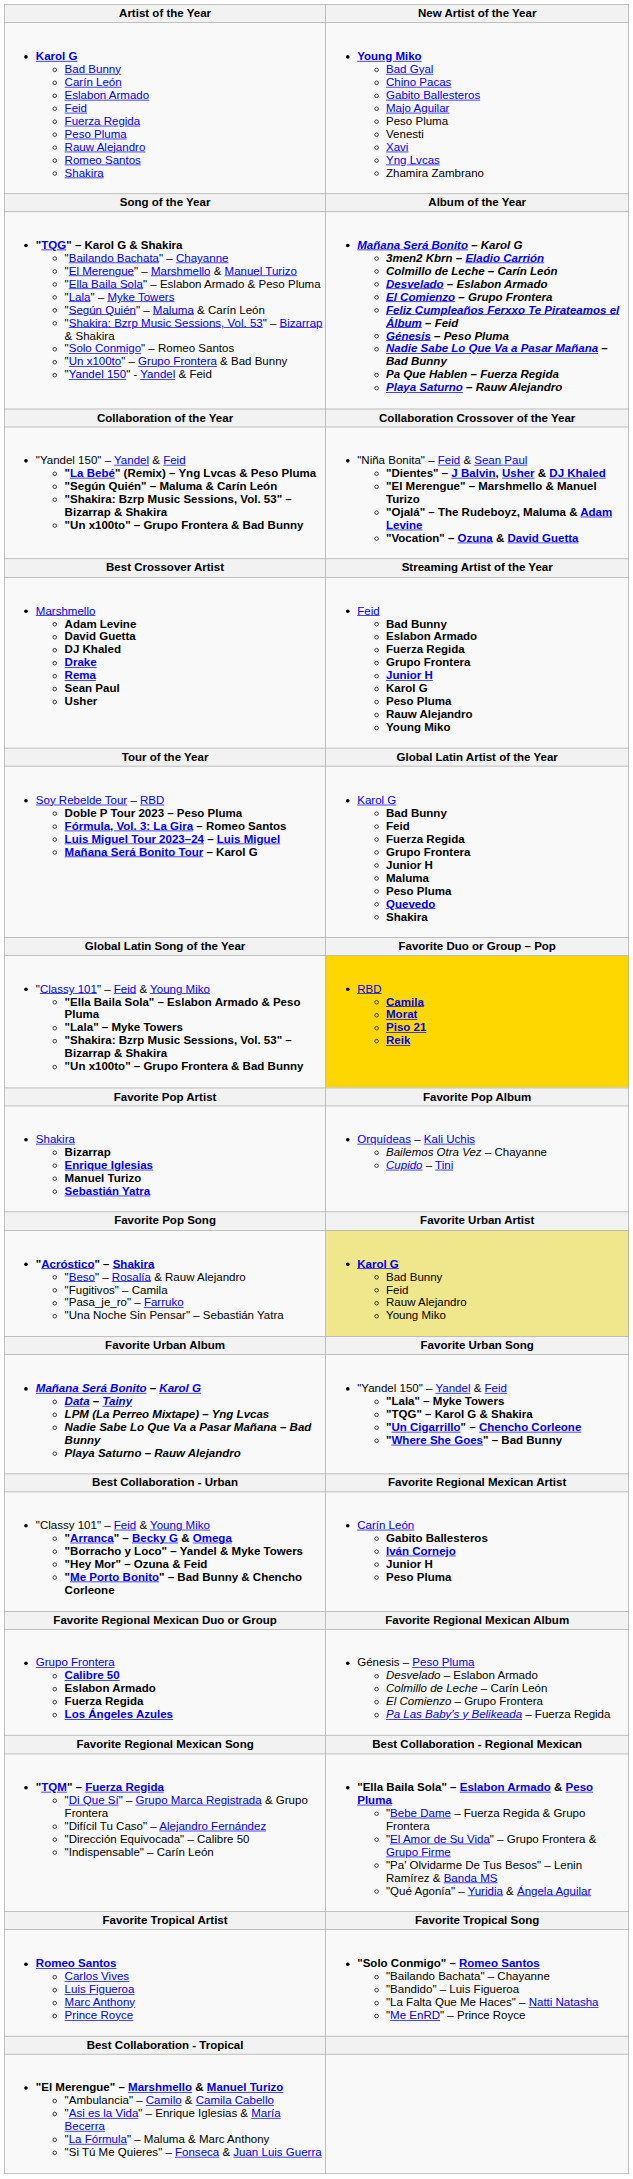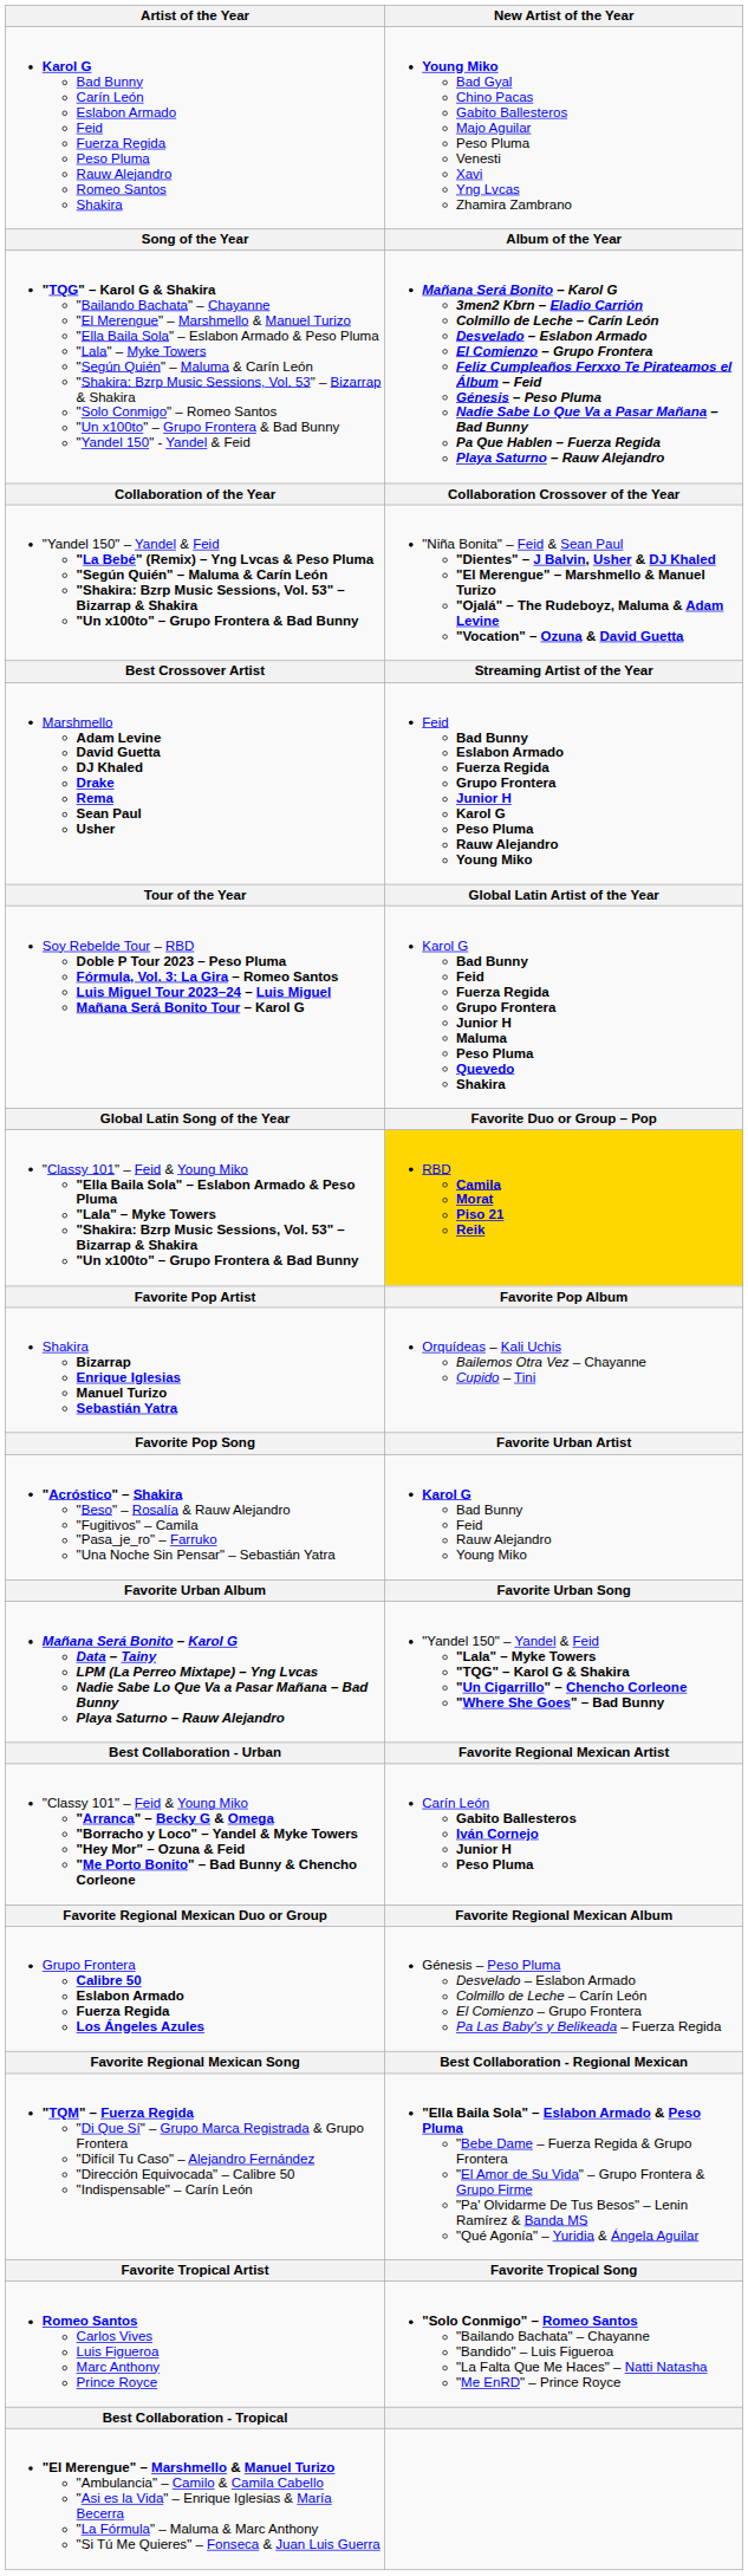 <table class="wikitable" style="width=">
 <tr>
 <th style="width=">Artist of the Year</th>
 <th style="width=">New Artist of the Year</th>
 </tr>
 <tr>
 <td valign="top"><br><ul><li><strong><a href='#'>Karol G</a></strong><ul><li><a href='#'>Bad Bunny</a></li><li><a href='#'>Carín León</a></li><li><a href='#'>Eslabon Armado</a></li><li><a href='#'>Feid</a></li><li><a href='#'>Fuerza Regida</a></li><li><a href='#'>Peso Pluma</a></li><li><a href='#'>Rauw Alejandro</a></li><li><a href='#'>Romeo Santos</a></li><li><a href='#'>Shakira</a></li></ul></li></ul></td>
 <td valign="top"><br><ul><li><strong><a href='#'>Young Miko</a></strong><ul><li><a href='#'>Bad Gyal</a></li><li><a href='#'>Chino Pacas</a></li><li><a href='#'>Gabito Ballesteros</a></li><li><a href='#'>Majo Aguilar</a></li><li>Peso Pluma</li><li>Venesti</li><li><a href='#'>Xavi</a></li><li><a href='#'>Yng Lvcas</a></li><li>Zhamira Zambrano</li></ul></li></ul></td>
 </tr>
 <tr>
 <th style="width=">Song of the Year</th>
 <th style="width=">Album of the Year</th>
 </tr>
 <tr>
 <td valign="top"><br><ul><li><strong>"<a href='#'>TQG</a>" – Karol G & Shakira</strong><ul><li>"<a href='#'>Bailando Bachata</a>" – <a href='#'>Chayanne</a></li><li>"<a href='#'>El Merengue</a>" – <a href='#'>Marshmello</a> & <a href='#'>Manuel Turizo</a></li><li>"<a href='#'>Ella Baila Sola</a>" – Eslabon Armado & Peso Pluma</li><li>"<a href='#'>Lala</a>" – <a href='#'>Myke Towers</a></li><li>"<a href='#'>Según Quién</a>" – <a href='#'>Maluma</a> & Carín León</li><li>"<a href='#'>Shakira: Bzrp Music Sessions, Vol. 53</a>" – <a href='#'>Bizarrap</a> & Shakira</li><li>"<a href='#'>Solo Conmigo</a>" – Romeo Santos</li><li>"<a href='#'>Un x100to</a>" – <a href='#'>Grupo Frontera</a> & Bad Bunny</li><li>"<a href='#'>Yandel 150</a>" - <a href='#'>Yandel</a> & Feid</li></ul></li></ul></td>
 <td valign="top"><br><ul><li><strong><em><a href='#'>Mañana Será Bonito</a><em> – Karol G<strong><ul><li></em>3men2 Kbrn<em> – <a href='#'>Eladio Carrión</a></li><li></em>Colmillo de Leche<em> – Carín León</li><li></em><a href='#'>Desvelado</a><em> – Eslabon Armado</li><li></em><a href='#'>El Comienzo</a><em> – Grupo Frontera</li><li></em><a href='#'>Feliz Cumpleaños Ferxxo Te Pirateamos el Álbum</a><em> – Feid</li><li></em><a href='#'>Génesis</a><em> – Peso Pluma</li><li></em><a href='#'>Nadie Sabe Lo Que Va a Pasar Mañana</a><em> – Bad Bunny</li><li></em>Pa Que Hablen<em> – Fuerza Regida</li><li></em><a href='#'>Playa Saturno</a><em> – Rauw Alejandro</li></ul></li></ul></td>
 </tr>
 <tr>
 <th style="width=">Collaboration of the Year</th>
 <th style="width=">Collaboration Crossover of the Year</th>
 </tr>
 <tr>
 <td valign="top"><br><ul><li></strong>"Yandel 150" – <a href='#'>Yandel</a> & <a href='#'>Feid</a><strong><ul><li>"<a href='#'>La Bebé</a>" (Remix) – Yng Lvcas & Peso Pluma</li><li>"Según Quién" – Maluma & Carín León</li><li>"Shakira: Bzrp Music Sessions, Vol. 53" – Bizarrap & Shakira</li><li>"Un x100to" – Grupo Frontera & Bad Bunny</li></ul></li></ul></td>
 <td valign="top"><br><ul><li></strong>"Niña Bonita" – <a href='#'>Feid</a> & <a href='#'>Sean Paul</a><strong><ul><li>"Dientes" – <a href='#'>J Balvin</a>, <a href='#'>Usher</a> & <a href='#'>DJ Khaled</a></li><li>"El Merengue" – Marshmello & Manuel Turizo</li><li>"Ojalá" – The Rudeboyz, Maluma & <a href='#'>Adam Levine</a></li><li>"Vocation" – <a href='#'>Ozuna</a> & <a href='#'>David Guetta</a></li></ul></li></ul></td>
 </tr>
 <tr>
 <th style="width=">Best Crossover Artist</th>
 <th style="width=">Streaming Artist of the Year</th>
 </tr>
 <tr>
 <td valign="top"><br><ul><li></strong><a href='#'>Marshmello</a><strong><ul><li>Adam Levine</li><li>David Guetta</li><li>DJ Khaled</li><li><a href='#'>Drake</a></li><li><a href='#'>Rema</a></li><li>Sean Paul</li><li>Usher</li></ul></li></ul></td>
 <td valign="top"><br><ul><li></strong><a href='#'>Feid</a><strong><ul><li>Bad Bunny</li><li>Eslabon Armado</li><li>Fuerza Regida</li><li>Grupo Frontera</li><li><a href='#'>Junior H</a></li><li>Karol G</li><li>Peso Pluma</li><li>Rauw Alejandro</li><li>Young Miko</li></ul></li></ul></td>
 </tr>
 <tr>
 <th style="width=">Tour of the Year</th>
 <th style="width=">Global Latin Artist of the Year</th>
 </tr>
 <tr>
 <td valign="top"><br><ul><li></strong><a href='#'>Soy Rebelde Tour</a> – <a href='#'>RBD</a><strong><ul><li>Doble P Tour 2023 – Peso Pluma</li><li><a href='#'>Fórmula, Vol. 3: La Gira</a> – Romeo Santos</li><li><a href='#'>Luis Miguel Tour 2023–24</a> – <a href='#'>Luis Miguel</a></li><li><a href='#'>Mañana Será Bonito Tour</a> – Karol G</li></ul></li></ul></td>
 <td valign="top"><br><ul><li></strong><a href='#'>Karol G</a><strong><ul><li>Bad Bunny</li><li>Feid</li><li>Fuerza Regida</li><li>Grupo Frontera</li><li>Junior H</li><li>Maluma</li><li>Peso Pluma</li><li><a href='#'>Quevedo</a></li><li>Shakira</li></ul></li></ul></td>
 </tr>
 <tr>
 <th style="width=">Global Latin Song of the Year</th>
 <th style="width=">Favorite Duo or Group – Pop</th>
 </tr>
 <tr>
 <td valign="top"><br><ul><li></strong>"<a href='#'>Classy 101</a>" – <a href='#'>Feid</a> & <a href='#'>Young Miko</a><strong><ul><li>"Ella Baila Sola" – Eslabon Armado & Peso Pluma</li><li>"Lala" – Myke Towers</li><li>"Shakira: Bzrp Music Sessions, Vol. 53" – Bizarrap & Shakira</li><li>"Un x100to" – Grupo Frontera & Bad Bunny</li></ul></li></ul></td>
 <td valign="top" style="background: gold;"><br><ul><li></strong><a href='#'>RBD</a><strong><ul><li><a href='#'>Camila</a></li><li><a href='#'>Morat</a></li><li><a href='#'>Piso 21</a></li><li><a href='#'>Reik</a></li></ul></li></ul></td>
 </tr>
 <tr>
 <th style="width=">Favorite Pop Artist</th>
 <th style="width=">Favorite Pop Album</th>
 </tr>
 <tr>
 <td valign="top"><br><ul><li></strong><a href='#'>Shakira</a><strong><ul><li>Bizarrap</li><li><a href='#'>Enrique Iglesias</a></li><li>Manuel Turizo</li><li><a href='#'>Sebastián Yatra</a></li></ul></li></ul></td>
 <td valign="top"><br><ul><li></em></strong><a href='#'>Orquídeas</a></em> – <a href='#'>Kali Uchis</a></strong><ul><li><em>Bailemos Otra Vez</em> – Chayanne</li><li><a href='#'><em>Cupido</em></a> – <a href='#'>Tini</a></li></ul></li></ul></td>
 </tr>
 <tr>
 <th style="width=">Favorite Pop Song</th>
 <th style="width=">Favorite Urban Artist</th>
 </tr>
 <tr>
 <td valign="top"><br><ul><li><strong>"<a href='#'>Acróstico</a>" – <a href='#'>Shakira</a></strong><ul><li>"<a href='#'>Beso</a>" – <a href='#'>Rosalía</a> & Rauw Alejandro</li><li>"Fugitivos" – Camila</li><li>"Pasa_je_ro" – <a href='#'>Farruko</a></li><li>"Una Noche Sin Pensar" – Sebastián Yatra</li></ul></li></ul></td>
-<td valign="top" style="background: khaki;"><br><ul><li><strong><a href='#'>Karol G</a></strong><ul><li>Bad Bunny</li><li>Feid</li><li>Rauw Alejandro</li><li>Young Miko</li></ul></li></ul></td>
+<td valign="top"><br><ul><li><strong><a href='#'>Karol G</a></strong><ul><li>Bad Bunny</li><li>Feid</li><li>Rauw Alejandro</li><li>Young Miko</li></ul></li></ul></td>
 </tr>
 <tr>
 <th style="width=">Favorite Urban Album</th>
 <th style="width=">Favorite Urban Song</th>
 </tr>
 <tr>
 <td valign="top"><br><ul><li><strong><em><a href='#'>Mañana Será Bonito</a><em> – <a href='#'>Karol G</a><strong><ul><li></em><a href='#'>Data</a><em> – <a href='#'>Tainy</a></li><li></em>LPM (La Perreo Mixtape)<em> – Yng Lvcas</li><li></em>Nadie Sabe Lo Que Va a Pasar Mañana<em> – Bad Bunny</li><li></em>Playa Saturno<em> – Rauw Alejandro</li></ul></li></ul></td>
 <td valign="top"><br><ul><li></strong>"Yandel 150" – <a href='#'>Yandel</a> & <a href='#'>Feid</a><strong><ul><li>"Lala" – Myke Towers</li><li>"TQG" – Karol G & Shakira</li><li>"<a href='#'>Un Cigarrillo</a>" – <a href='#'>Chencho Corleone</a></li><li>"<a href='#'>Where She Goes</a>" – Bad Bunny</li></ul></li></ul></td>
 </tr>
 <tr>
 <th style="width=">Best Collaboration - Urban</th>
 <th style="width=">Favorite Regional Mexican Artist</th>
 </tr>
 <tr>
 <td valign="top"><br><ul><li></strong>"Classy 101" – <a href='#'>Feid</a> & <a href='#'>Young Miko</a><strong><ul><li>"<a href='#'>Arranca</a>" – <a href='#'>Becky G</a> & <a href='#'>Omega</a></li><li>"Borracho y Loco" – Yandel & Myke Towers</li><li>"Hey Mor" – Ozuna & Feid</li><li>"<a href='#'>Me Porto Bonito</a>" – Bad Bunny & Chencho Corleone</li></ul></li></ul></td>
 <td valign="top"><br><ul><li></strong><a href='#'>Carín León</a><strong><ul><li>Gabito Ballesteros</li><li><a href='#'>Iván Cornejo</a></li><li>Junior H</li><li>Peso Pluma</li></ul></li></ul></td>
 </tr>
 <tr>
 <th style="width=">Favorite Regional Mexican Duo or Group</th>
 <th style="width=">Favorite Regional Mexican Album</th>
 </tr>
 <tr>
 <td valign="top"><br><ul><li></strong><a href='#'>Grupo Frontera</a><strong><ul><li><a href='#'>Calibre 50</a></li><li>Eslabon Armado</li><li>Fuerza Regida</li><li><a href='#'>Los Ángeles Azules</a></li></ul></li></ul></td>
 <td valign="top"><br><ul><li></em></strong>Génesis</em> – <a href='#'>Peso Pluma</a></strong><ul><li><em>Desvelado</em> – Eslabon Armado</li><li><em>Colmillo de Leche</em> – Carín León</li><li><em>El Comienzo</em> – Grupo Frontera</li><li><em><a href='#'>Pa Las Baby's y Belikeada</a></em> – Fuerza Regida</li></ul></li></ul></td>
 </tr>
 <tr>
 <th style="width=">Favorite Regional Mexican Song</th>
 <th style="width=">Best Collaboration - Regional Mexican</th>
 </tr>
 <tr>
 <td valign="top"><br><ul><li><strong>"<a href='#'>TQM</a>" – <a href='#'>Fuerza Regida</a></strong><ul><li>"<a href='#'>Di Que Sí</a>" – <a href='#'>Grupo Marca Registrada</a> & Grupo Frontera</li><li>"Difícil Tu Caso" – <a href='#'>Alejandro Fernández</a></li><li>"Dirección Equivocada" – Calibre 50</li><li>"Indispensable" – Carín León</li></ul></li></ul></td>
 <td valign="top"><br><ul><li><strong>"Ella Baila Sola" – <a href='#'>Eslabon Armado</a> & <a href='#'>Peso Pluma</a></strong><ul><li>"<a href='#'>Bebe Dame</a> – Fuerza Regida & Grupo Frontera</li><li>"<a href='#'>El Amor de Su Vida</a>" – Grupo Frontera & <a href='#'>Grupo Firme</a></li><li>"Pa' Olvidarme De Tus Besos" – Lenin Ramírez & <a href='#'>Banda MS</a></li><li>"Qué Agonía" – <a href='#'>Yuridia</a> & <a href='#'>Ángela Aguilar</a></li></ul></li></ul></td>
 </tr>
 <tr>
 <th style="width=">Favorite Tropical Artist</th>
 <th style="width=">Favorite Tropical Song</th>
 </tr>
 <tr>
 <td valign="top"><br><ul><li><strong><a href='#'>Romeo Santos</a></strong><ul><li><a href='#'>Carlos Vives</a></li><li><a href='#'>Luis Figueroa</a></li><li><a href='#'>Marc Anthony</a></li><li><a href='#'>Prince Royce</a></li></ul></li></ul></td>
 <td valign="top"><br><ul><li><strong>"Solo Conmigo" – <a href='#'>Romeo Santos</a></strong><ul><li>"Bailando Bachata" – Chayanne</li><li>"Bandido" – Luis Figueroa</li><li>"La Falta Que Me Haces" – <a href='#'>Natti Natasha</a></li><li>"<a href='#'>Me EnRD</a>" – Prince Royce</li></ul></li></ul></td>
 </tr>
 <tr>
 <th style="width=">Best Collaboration - Tropical</th>
 <th></th>
 </tr>
 <tr>
 <td valign="top"><br><ul><li><strong>"El Merengue" – <a href='#'>Marshmello</a> & <a href='#'>Manuel Turizo</a></strong><ul><li>"Ambulancia" – <a href='#'>Camilo</a> & <a href='#'>Camila Cabello</a></li><li>"<a href='#'>Asi es la Vida</a>" – Enrique Iglesias & <a href='#'>María Becerra</a></li><li>"<a href='#'>La Fórmula</a>" – Maluma & Marc Anthony</li><li>"Si Tú Me Quieres" – <a href='#'>Fonseca</a> & <a href='#'>Juan Luis Guerra</a></li></ul></li></ul></td>
 </tr>
 </table>
